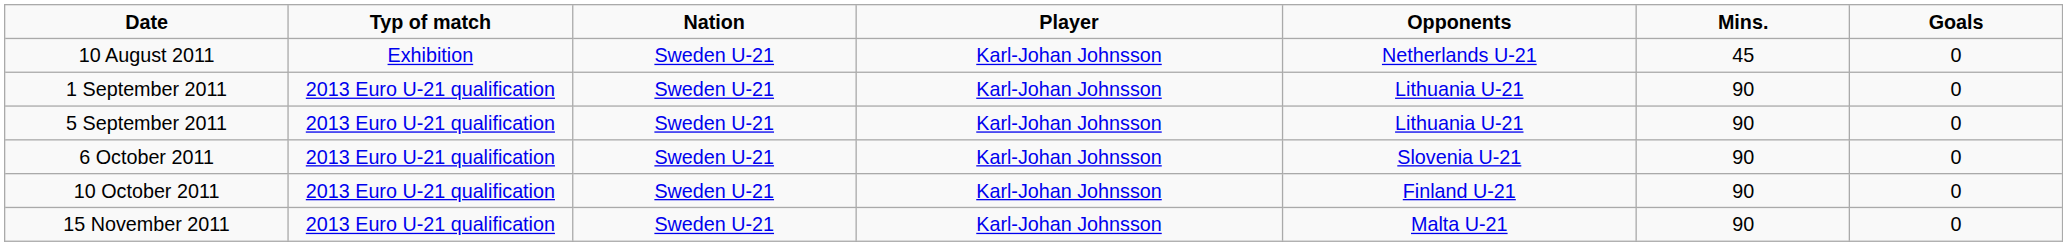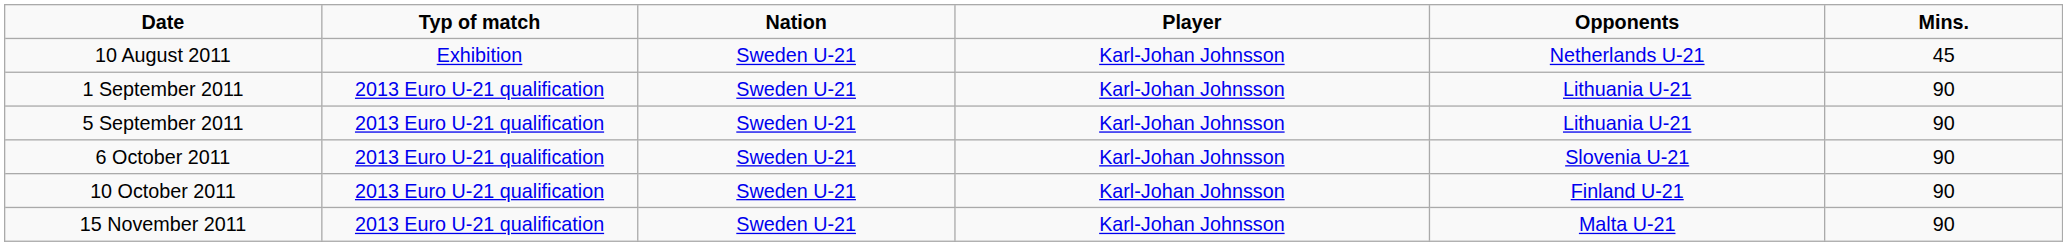 <table class= width=90% border="2" cellpadding="4" cellspacing="0" style="text-align=center: 1em 1em 1em 0; background: #f9f9f9; border: 1px #aaa solid; border-collapse: collapse; font-size: 95%;">
 <tr>
 <th width=8%>Date</th>
 <th width=8%>Typ of match</th>
 <th width=8%>Nation</th>
 <th width=12%>Player</th>
 <th width=10%>Opponents</th>
 <th width=6%>Mins.</th>
-<th width=6%>Goals</th>
 </tr>
 <tr>
 <td align=center>10 August 2011</td>
 <td align=center><a href='#'>Exhibition</a></td>
 <td align=center> <a href='#'>Sweden U-21</a></td>
 <td align=center><a href='#'>Karl-Johan Johnsson</a></td>
 <td align=center> <a href='#'>Netherlands U-21</a></td>
 <td align=center>45</td>
-<td align=center>0</td>
 </tr>
 <tr>
 <td align=center>1 September 2011</td>
 <td align=center><a href='#'>2013 Euro U-21 qualification</a></td>
 <td align=center> <a href='#'>Sweden U-21</a></td>
 <td align=center><a href='#'>Karl-Johan Johnsson</a></td>
 <td align=center> <a href='#'>Lithuania U-21</a></td>
 <td align=center>90</td>
-<td align=center>0</td>
 </tr>
 <tr>
 <td align=center>5 September 2011</td>
 <td align=center><a href='#'>2013 Euro U-21 qualification</a></td>
 <td align=center> <a href='#'>Sweden U-21</a></td>
 <td align=center><a href='#'>Karl-Johan Johnsson</a></td>
 <td align=center> <a href='#'>Lithuania U-21</a></td>
 <td align=center>90</td>
-<td align=center>0</td>
 </tr>
 <tr>
 <td align=center>6 October 2011</td>
 <td align=center><a href='#'>2013 Euro U-21 qualification</a></td>
 <td align=center> <a href='#'>Sweden U-21</a></td>
 <td align=center><a href='#'>Karl-Johan Johnsson</a></td>
 <td align=center> <a href='#'>Slovenia U-21</a></td>
 <td align=center>90</td>
-<td align=center>0</td>
 </tr>
 <tr>
 <td align=center>10 October 2011</td>
 <td align=center><a href='#'>2013 Euro U-21 qualification</a></td>
 <td align=center> <a href='#'>Sweden U-21</a></td>
 <td align=center><a href='#'>Karl-Johan Johnsson</a></td>
 <td align=center> <a href='#'>Finland U-21</a></td>
 <td align=center>90</td>
-<td align=center>0</td>
 </tr>
 <tr>
 <td align=center>15 November 2011</td>
 <td align=center><a href='#'>2013 Euro U-21 qualification</a></td>
 <td align=center> <a href='#'>Sweden U-21</a></td>
 <td align=center><a href='#'>Karl-Johan Johnsson</a></td>
 <td align=center> <a href='#'>Malta U-21</a></td>
 <td align=center>90</td>
-<td align=center>0</td>
 </tr>
 </table>
